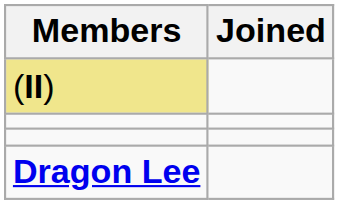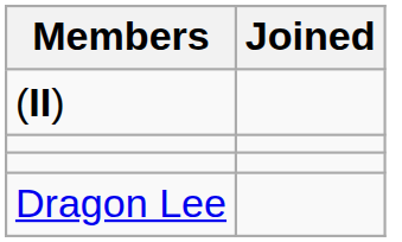 <table class="wikitable sortable">
 <tr>
 <th>Members</th>
 <th>Joined</th>
 </tr>
 <tr>
-<td style="background: khaki;"> (<strong>II</strong>)</td>
+<td> (<strong>II</strong>)</td>
 <td rowspan="1"></td>
 </tr>
 <tr>
 <td></td>
 <td rowspan="1"></td>
 </tr>
 <tr>
 <td></td>
 <td rowspan="1"></td>
 </tr>
 <tr>
-<td><strong><a href='#'>Dragon Lee</a></strong></td>
+<td><a href='#'>Dragon Lee</a></td>
 <td></td>
 </tr>
 </table>
